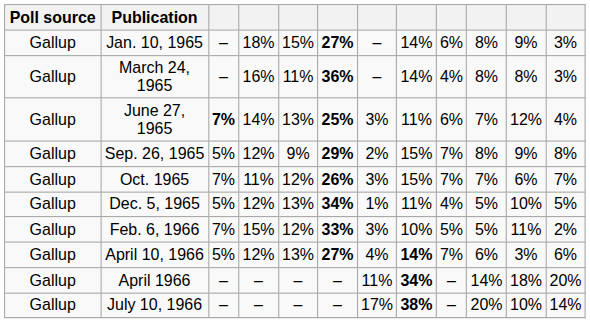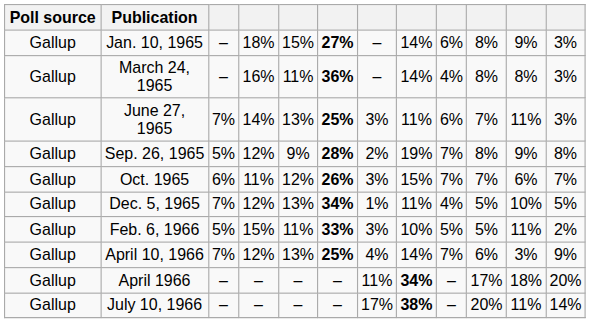 <table class="wikitable" style="font-size:90%;text-align:center;">
 <tr>
 <th style="width:80px;">Poll source</th>
 <th style="width:90px;">Publication</th>
 <th></th>
 <th></th>
 <th></th>
 <th></th>
 <th></th>
 <th></th>
 <th></th>
 <th></th>
 <th></th>
 <th></th>
 </tr>
 <tr>
 <td>Gallup</td>
 <td>Jan. 10, 1965</td>
 <td>–</td>
 <td>18%</td>
 <td>15%</td>
 <td><strong>27%</strong></td>
 <td>–</td>
 <td>14%</td>
 <td>6%</td>
 <td>8%</td>
 <td>9%</td>
 <td>3%</td>
 </tr>
 <tr>
 <td>Gallup</td>
 <td>March 24, 1965</td>
 <td>–</td>
 <td>16%</td>
 <td>11%</td>
 <td><strong>36%</strong></td>
 <td>–</td>
 <td>14%</td>
 <td>4%</td>
 <td>8%</td>
 <td>8%</td>
 <td>3%</td>
 </tr>
 <tr>
 <td>Gallup</td>
 <td>June 27, 1965</td>
-<td><strong>7%</strong></td>
+<td>7%</td>
 <td>14%</td>
 <td>13%</td>
 <td><strong>25%</strong></td>
 <td>3%</td>
 <td>11%</td>
 <td>6%</td>
 <td>7%</td>
-<td>12%</td>
-<td>4%</td>
+<td>11%</td>
+<td>3%</td>
 </tr>
 <tr>
 <td>Gallup</td>
 <td>Sep. 26, 1965</td>
 <td>5%</td>
 <td>12%</td>
 <td>9%</td>
-<td><strong>29%</strong></td>
+<td><strong>28%</strong></td>
 <td>2%</td>
-<td>15%</td>
+<td>19%</td>
 <td>7%</td>
 <td>8%</td>
 <td>9%</td>
 <td>8%</td>
 </tr>
 <tr>
 <td>Gallup</td>
 <td>Oct. 1965</td>
-<td>7%</td>
+<td>6%</td>
 <td>11%</td>
 <td>12%</td>
 <td><strong>26%</strong></td>
 <td>3%</td>
 <td>15%</td>
 <td>7%</td>
 <td>7%</td>
 <td>6%</td>
 <td>7%</td>
 </tr>
 <tr>
 <td>Gallup</td>
 <td>Dec. 5, 1965</td>
-<td>5%</td>
+<td>7%</td>
 <td>12%</td>
 <td>13%</td>
 <td><strong>34%</strong></td>
 <td>1%</td>
 <td>11%</td>
 <td>4%</td>
 <td>5%</td>
 <td>10%</td>
 <td>5%</td>
 </tr>
 <tr>
 <td>Gallup</td>
 <td>Feb. 6, 1966</td>
-<td>7%</td>
+<td>5%</td>
 <td>15%</td>
-<td>12%</td>
+<td>11%</td>
 <td><strong>33%</strong></td>
 <td>3%</td>
 <td>10%</td>
 <td>5%</td>
 <td>5%</td>
 <td>11%</td>
 <td>2%</td>
 </tr>
 <tr>
 <td>Gallup</td>
 <td>April 10, 1966</td>
-<td>5%</td>
+<td>7%</td>
 <td>12%</td>
 <td>13%</td>
-<td><strong>27%</strong></td>
+<td><strong>25%</strong></td>
 <td>4%</td>
-<td><strong>14%</strong></td>
+<td>14%</td>
 <td>7%</td>
 <td>6%</td>
 <td>3%</td>
-<td>6%</td>
+<td>9%</td>
 </tr>
 <tr>
 <td>Gallup</td>
 <td>April 1966</td>
 <td>–</td>
 <td>–</td>
 <td>–</td>
 <td>–</td>
 <td>11%</td>
 <td><strong>34%</strong></td>
 <td>–</td>
-<td>14%</td>
+<td>17%</td>
 <td>18%</td>
 <td>20%</td>
 </tr>
 <tr>
 <td>Gallup</td>
 <td>July 10, 1966</td>
 <td>–</td>
 <td>–</td>
 <td>–</td>
 <td>–</td>
 <td>17%</td>
 <td><strong>38%</strong></td>
 <td>–</td>
 <td>20%</td>
-<td>10%</td>
+<td>11%</td>
 <td>14%</td>
 </tr>
 <tr>
 </tr>
 </table>
